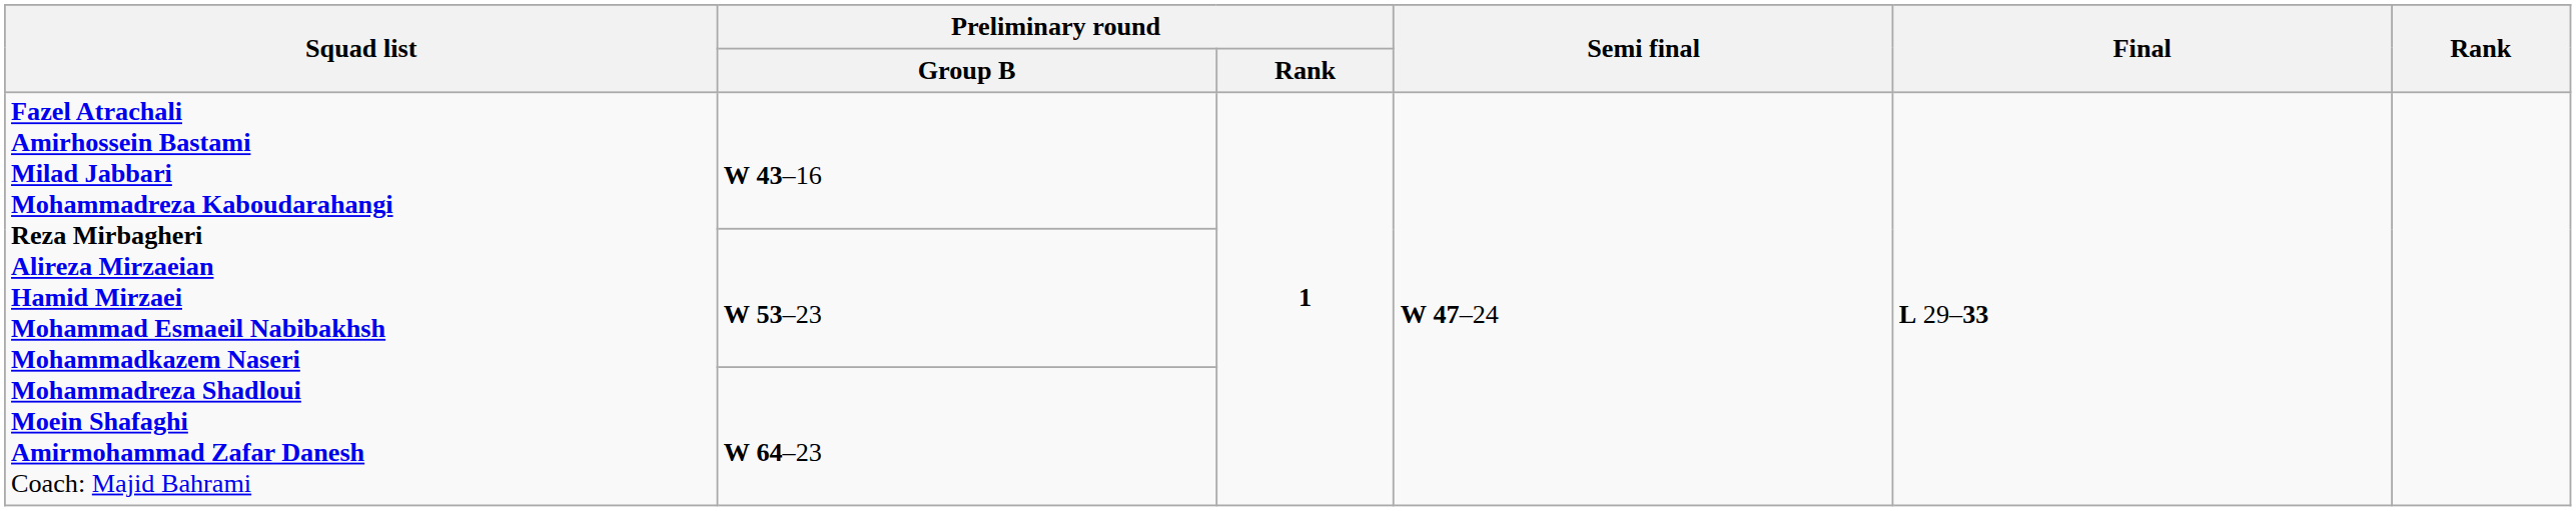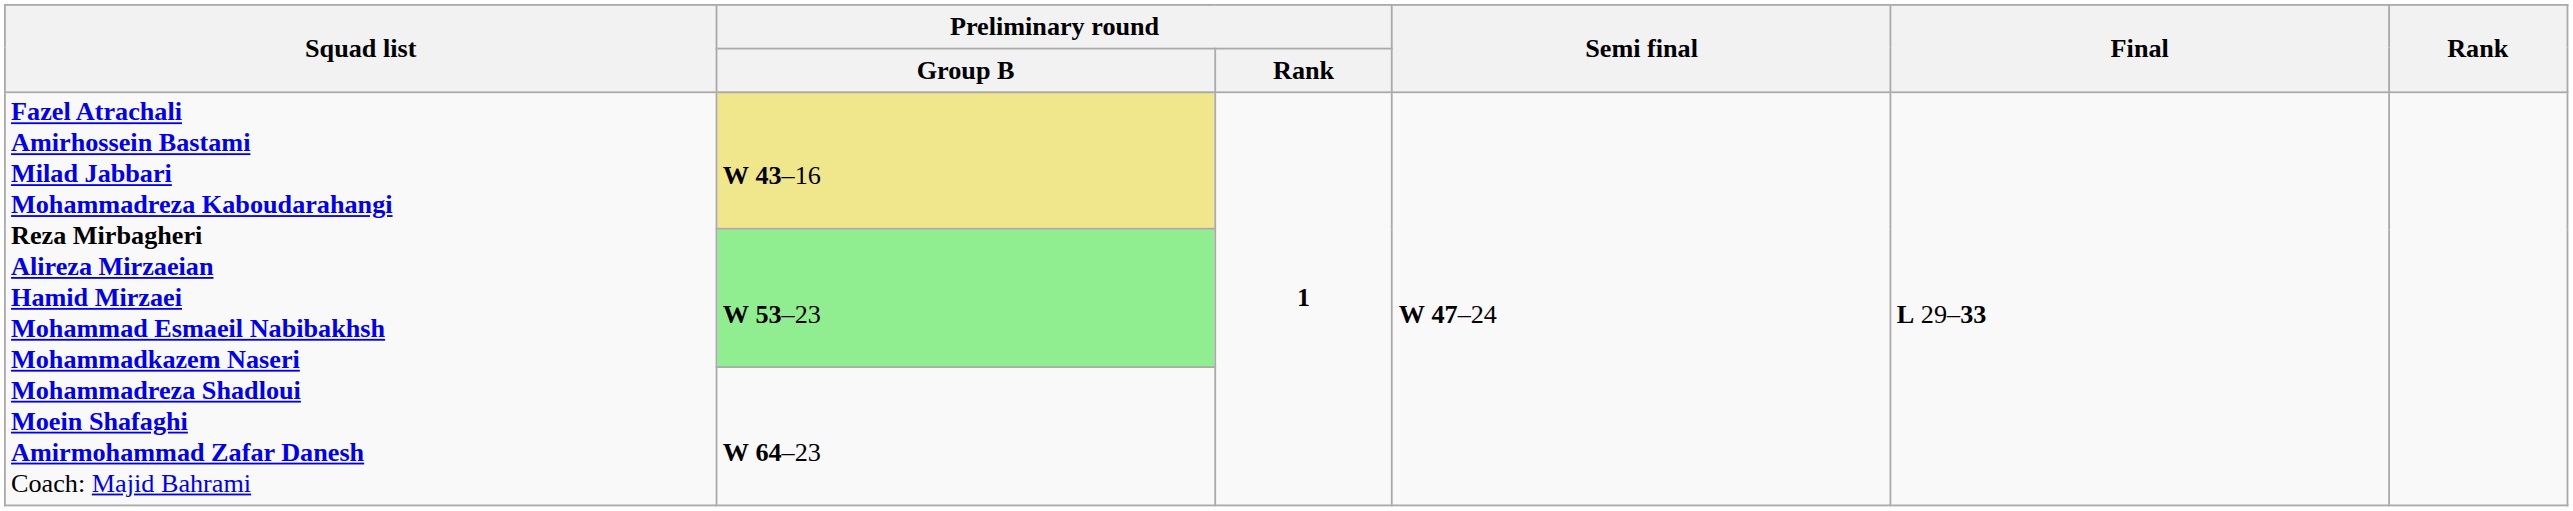 <table class="wikitable" width="71%" style="text-align:left; font-size:90%">
 <tr>
 <th rowspan="2" width="20%">Squad list</th>
 <th colspan="2">Preliminary round</th>
 <th rowspan="2" width="14%">Semi final</th>
 <th rowspan="2" width="14%">Final</th>
 <th rowspan="2" width="5%">Rank</th>
 </tr>
 <tr>
 <th width="14%">Group B</th>
 <th width="5%">Rank</th>
 </tr>
 <tr>
 <td rowspan=3><strong><a href='#'>Fazel Atrachali</a></strong><br><strong><a href='#'>Amirhossein Bastami</a></strong><br><strong><a href='#'>Milad Jabbari</a></strong><br><strong><a href='#'>Mohammadreza Kaboudarahangi</a></strong><br><strong>Reza Mirbagheri</strong><br><strong><a href='#'>Alireza Mirzaeian</a></strong><br><strong><a href='#'>Hamid Mirzaei</a></strong><br><strong><a href='#'>Mohammad Esmaeil Nabibakhsh</a></strong><br><strong><a href='#'>Mohammadkazem Naseri</a></strong><br><strong><a href='#'>Mohammadreza Shadloui</a></strong><br><strong><a href='#'>Moein Shafaghi</a></strong><br><strong><a href='#'>Amirmohammad Zafar Danesh</a></strong><br>Coach:  <a href='#'>Majid Bahrami</a></td>
-<td><br><strong>W</strong> <strong>43</strong>–16</td>
+<td style="background: khaki;"><br><strong>W</strong> <strong>43</strong>–16</td>
 <td rowspan=3 align=center><strong>1</strong>  <strong></strong></td>
 <td rowspan=3><br><strong>W</strong> <strong>47</strong>–24</td>
 <td rowspan=3><br><strong>L</strong> 29–<strong>33</strong></td>
 <td rowspan=3 align=center></td>
 </tr>
 <tr>
-<td><br><strong>W</strong> <strong>53</strong>–23</td>
+<td style="background: lightgreen;"><br><strong>W</strong> <strong>53</strong>–23</td>
 </tr>
 <tr>
 <td><br><strong>W</strong> <strong>64</strong>–23</td>
 </tr>
 </table>
